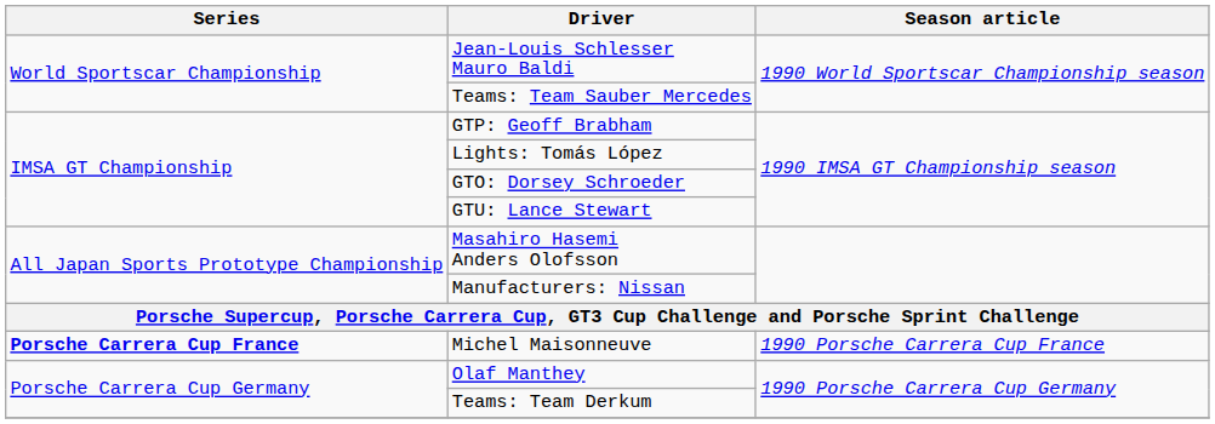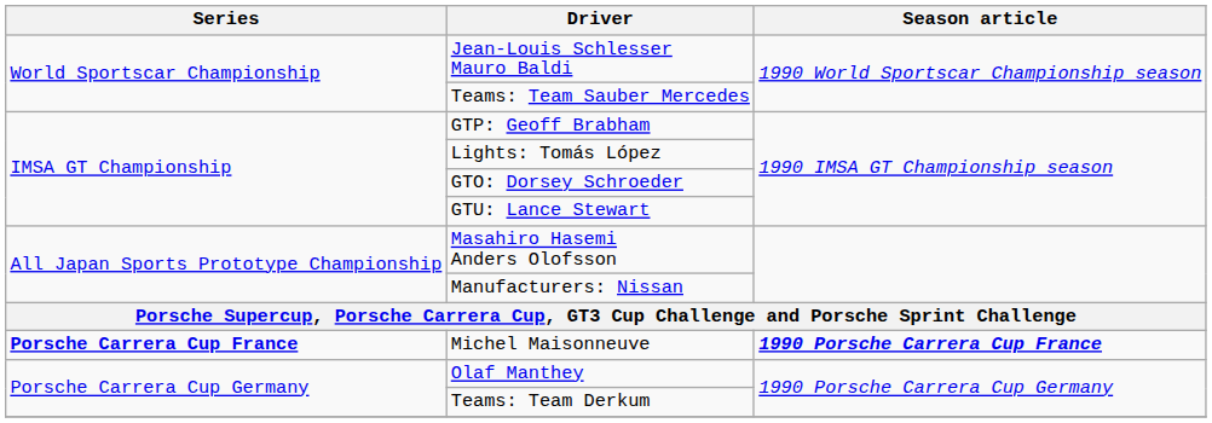 <table class="wikitable" style="font-size: 87%;">
 <tr>
 <th>Series</th>
 <th>Driver</th>
 <th>Season article</th>
 </tr>
 <tr>
 <td rowspan=2><a href='#'>World Sportscar Championship</a></td>
 <td> <a href='#'>Jean-Louis Schlesser</a><br>  <a href='#'>Mauro Baldi</a></td>
 <td rowspan=2><em><a href='#'>1990 World Sportscar Championship season</a></em></td>
 </tr>
 <tr>
 <td>Teams:  <a href='#'>Team Sauber Mercedes</a></td>
 </tr>
 <tr>
 <td rowspan=4><a href='#'>IMSA GT Championship</a></td>
 <td>GTP:  <a href='#'>Geoff Brabham</a></td>
 <td rowspan=4><em><a href='#'>1990 IMSA GT Championship season</a></em></td>
 </tr>
 <tr>
 <td>Lights:  Tomás López</td>
 </tr>
 <tr>
 <td>GTO:  <a href='#'>Dorsey Schroeder</a></td>
 </tr>
 <tr>
 <td>GTU:  <a href='#'>Lance Stewart</a></td>
 </tr>
 <tr>
 <td rowspan=2><a href='#'>All Japan Sports Prototype Championship</a></td>
 <td> <a href='#'>Masahiro Hasemi</a><br> Anders Olofsson</td>
 <td rowspan=2></td>
 </tr>
 <tr>
 <td>Manufacturers:  <a href='#'>Nissan</a></td>
 </tr>
 <tr>
 <th colspan="3"><a href='#'>Porsche Supercup</a>, <a href='#'>Porsche Carrera Cup</a>, GT3 Cup Challenge and Porsche Sprint Challenge</th>
 </tr>
 <tr>
 <td><strong><a href='#'>Porsche Carrera Cup France</a></strong></td>
 <td> Michel Maisonneuve</td>
-<td><em><a href='#'>1990 Porsche Carrera Cup France</a></em></td>
+<td><strong><em><a href='#'>1990 Porsche Carrera Cup France</a></em></strong></td>
 </tr>
 <tr>
 <td rowspan=2><a href='#'>Porsche Carrera Cup Germany</a></td>
 <td> <a href='#'>Olaf Manthey</a></td>
 <td rowspan=2><em><a href='#'>1990 Porsche Carrera Cup Germany</a></em></td>
 </tr>
 <tr>
 <td>Teams:  Team Derkum</td>
 </tr>
 <tr>
 </tr>
 </table>
